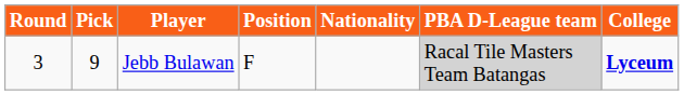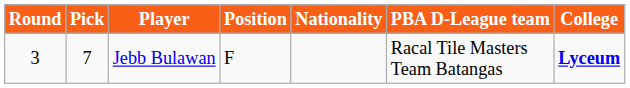 <table class="wikitable sortable sortable">
 <tr>
 <th style="background:#F95F17; color:#FFFFFF; ">Round</th>
 <th style="background:#F95F17; color:#FFFFFF; ">Pick</th>
 <th style="background:#F95F17; color:#FFFFFF; ">Player</th>
 <th style="background:#F95F17; color:#FFFFFF; ">Position</th>
 <th style="background:#F95F17; color:#FFFFFF; ">Nationality</th>
 <th style="background:#F95F17; color:#FFFFFF; ">PBA D-League team</th>
 <th style="background:#F95F17; color:#FFFFFF; ">College</th>
 </tr>
 <tr>
 <td align=center>3</td>
-<td align=center>9</td>
+<td align=center>7</td>
 <td><a href='#'>Jebb Bulawan</a></td>
 <td>F</td>
 <td></td>
-<td style="background: lightgrey;">Racal Tile Masters <br> Team Batangas</td>
+<td>Racal Tile Masters <br> Team Batangas</td>
 <td><strong><a href='#'>Lyceum</a></strong></td>
 </tr>
 </table>
